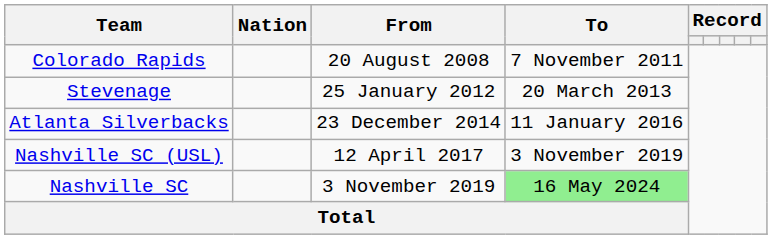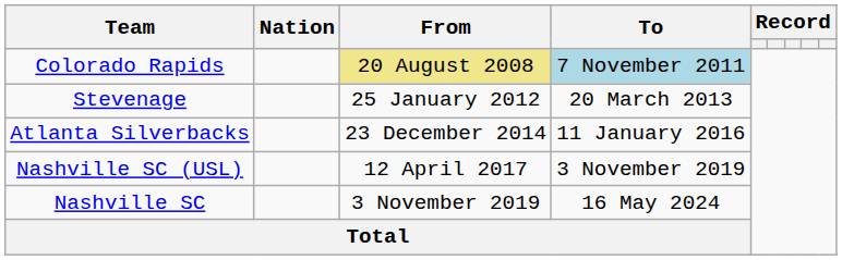 <table class="wikitable" style="text-align: center;">
 <tr>
 <th rowspan="2">Team</th>
 <th rowspan="2">Nation</th>
 <th rowspan="2">From</th>
 <th rowspan="2">To</th>
 <th colspan="5">Record</th>
 </tr>
 <tr>
 <th></th>
 <th></th>
 <th></th>
 <th></th>
 <th></th>
 </tr>
 <tr>
 <td align=center><a href='#'>Colorado Rapids</a></td>
 <td></td>
-<td align=center>20 August 2008</td>
-<td align=center>7 November 2011<br></td>
+<td align=center style="background: khaki;">20 August 2008</td>
+<td align=center style="background: lightblue;">7 November 2011<br></td>
 </tr>
 <tr>
 <td align=center><a href='#'>Stevenage</a></td>
 <td></td>
 <td align=center>25 January 2012</td>
 <td align=center>20 March 2013<br></td>
 </tr>
 <tr>
 <td align=center><a href='#'>Atlanta Silverbacks</a></td>
 <td></td>
 <td align=center>23 December 2014</td>
 <td align=center>11 January 2016<br></td>
 </tr>
 <tr>
 <td align=center><a href='#'>Nashville SC (USL)</a></td>
 <td></td>
 <td align=center>12 April 2017</td>
 <td align=center>3 November 2019<br></td>
 </tr>
 <tr>
 <td align=center><a href='#'>Nashville SC</a></td>
 <td></td>
 <td align=center>3 November 2019</td>
-<td align=center style="background: lightgreen;">16 May 2024<br></td>
+<td align=center>16 May 2024<br></td>
 </tr>
 <tr>
 <th colspan="4">Total<br></th>
 </tr>
 </table>
